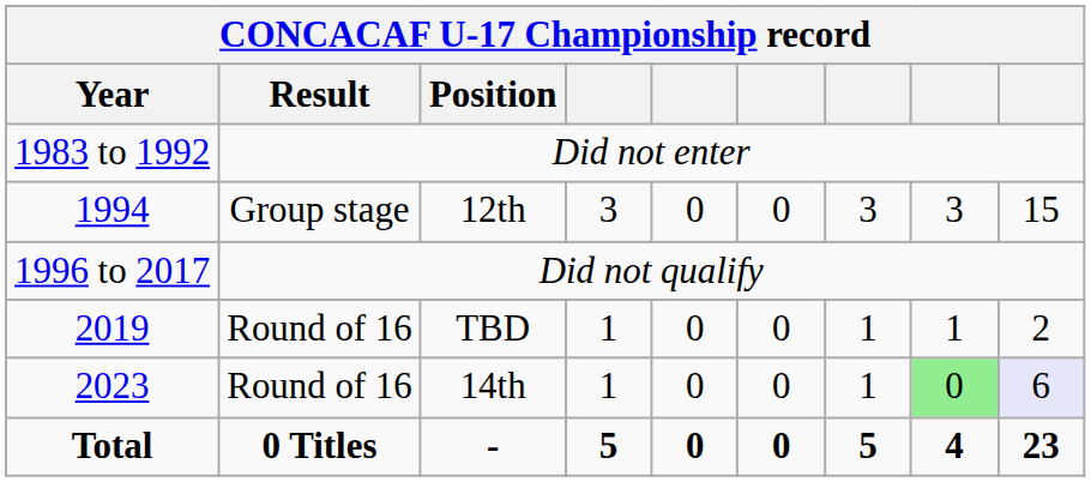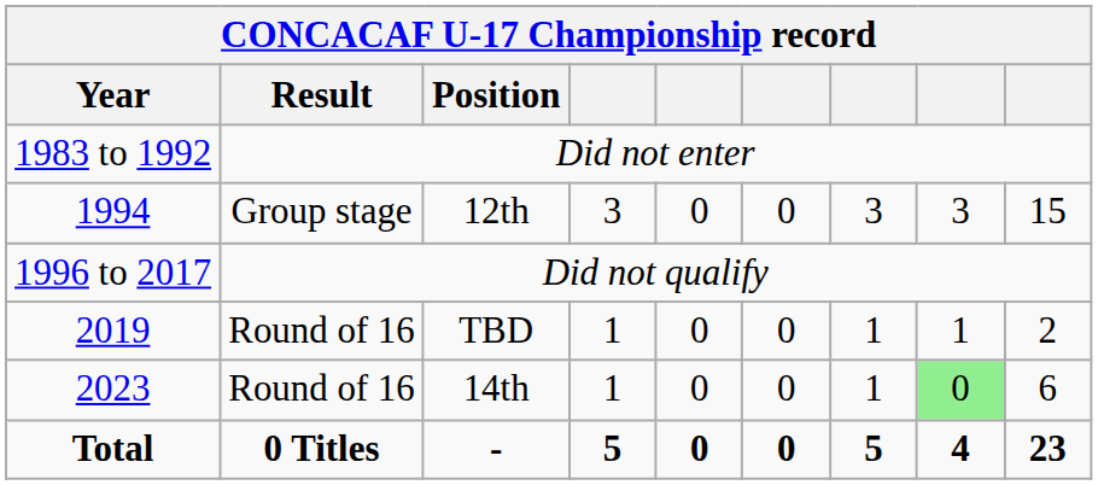 <table class="wikitable" style="text-align: center;">
 <tr>
 <th colspan=10><a href='#'>CONCACAF U-17 Championship</a> record</th>
 </tr>
 <tr>
 <th>Year</th>
 <th>Result</th>
 <th>Position</th>
 <th style="width:30px;"></th>
 <th style="width:30px;"></th>
 <th style="width:30px;"></th>
 <th style="width:30px;"></th>
 <th style="width:30px;"></th>
 <th style="width:30px;"></th>
 </tr>
 <tr>
 <td> <a href='#'>1983</a> to  <a href='#'>1992</a></td>
 <td colspan="9"><em>Did not enter</em></td>
 </tr>
 <tr>
 <td> <a href='#'>1994</a></td>
 <td>Group stage</td>
 <td>12th</td>
 <td>3</td>
 <td>0</td>
 <td>0</td>
 <td>3</td>
 <td>3</td>
 <td>15</td>
 </tr>
 <tr>
 <td> <a href='#'>1996</a> to  <a href='#'>2017</a></td>
 <td colspan="9"><em>Did not qualify</em></td>
 </tr>
 <tr>
 <td> <a href='#'>2019</a></td>
 <td>Round of 16</td>
 <td>TBD</td>
 <td>1</td>
 <td>0</td>
 <td>0</td>
 <td>1</td>
 <td>1</td>
 <td>2</td>
 </tr>
 <tr>
 <td> <a href='#'>2023</a></td>
 <td>Round of 16</td>
 <td>14th</td>
 <td>1</td>
 <td>0</td>
 <td>0</td>
 <td>1</td>
 <td style="background: lightgreen;">0</td>
-<td style="background: lavender;">6</td>
+<td>6</td>
 </tr>
 <tr>
 <td><strong>Total</strong></td>
 <td><strong>0 Titles</strong></td>
 <td><strong>-</strong></td>
 <td><strong>5</strong></td>
 <td><strong>0</strong></td>
 <td><strong>0</strong></td>
 <td><strong>5</strong></td>
 <td><strong>4</strong></td>
 <td><strong>23</strong></td>
 </tr>
 </table>
